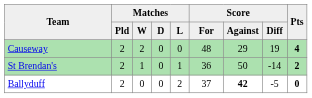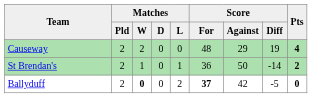 <table style=border-collapse:collapse border=1 cellspacing=0 cellpadding=5>
 <tr align=center bgcolor=#efefef>
 <th rowspan=2 width=165>Team</th>
 <th colspan=4>Matches</th>
 <th colspan=3>Score</th>
 <th rowspan=2width=20>Pts</th>
 </tr>
 <tr align=center bgcolor=#efefef>
 <th width=20>Pld</th>
 <th width=20>W</th>
 <th width=20>D</th>
 <th width=20>L</th>
 <th width=45>For</th>
 <th width=45>Against</th>
 <th width=30>Diff</th>
 </tr>
 <tr align=center style="background:#ACE1AF;">
 <td style="text-align:left;"><a href='#'>Causeway</a></td>
 <td>2</td>
 <td>2</td>
 <td>0</td>
 <td>0</td>
 <td>48</td>
 <td>29</td>
 <td>19</td>
 <td><strong>4</strong></td>
 </tr>
 <tr align=center style="background:#ACE1AF;">
 <td style="text-align:left;"><a href='#'>St Brendan's</a></td>
 <td>2</td>
 <td>1</td>
 <td>0</td>
 <td>1</td>
 <td>36</td>
 <td>50</td>
 <td>-14</td>
 <td><strong>2</strong></td>
 </tr>
 <tr align=center>
 <td style="text-align:left;"><a href='#'>Ballyduff</a></td>
 <td>2</td>
-<td>0</td>
+<td><strong>0</strong></td>
 <td>0</td>
 <td>2</td>
-<td>37</td>
-<td><strong>42</strong></td>
+<td><strong>37</strong></td>
+<td>42</td>
 <td>-5</td>
 <td><strong>0</strong></td>
 </tr>
 </table>
